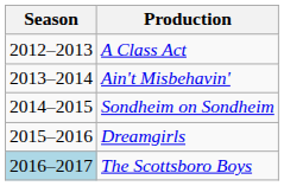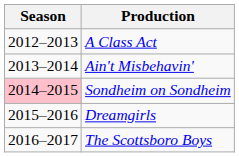 <table class="wikitable">
 <tr>
 <th>Season</th>
 <th>Production</th>
 </tr>
 <tr>
 <td>2012–2013</td>
 <td><em><a href='#'>A Class Act</a></em></td>
 </tr>
 <tr>
 <td>2013–2014</td>
 <td><em><a href='#'>Ain't Misbehavin'</a></em></td>
 </tr>
 <tr>
-<td>2014–2015</td>
+<td style="background: pink;">2014–2015</td>
 <td><em><a href='#'>Sondheim on Sondheim</a></em></td>
 </tr>
 <tr>
 <td>2015–2016</td>
 <td><em><a href='#'>Dreamgirls</a></em></td>
 </tr>
 <tr>
-<td style="background: lightblue;">2016–2017</td>
+<td>2016–2017</td>
 <td><em><a href='#'>The Scottsboro Boys</a></em></td>
 </tr>
 </table>
